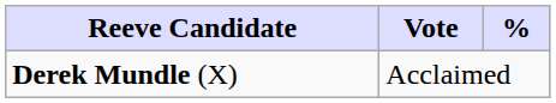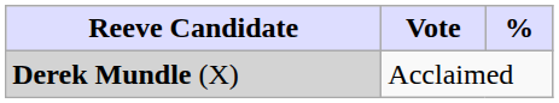 <table class="wikitable">
 <tr>
 <th style="background:#ddf; width:200px;">Reeve Candidate</th>
 <th style="background:#ddf; width:50px;">Vote</th>
 <th style="background:#ddf; width:30px;">%</th>
 </tr>
 <tr>
-<td><strong>Derek Mundle</strong> (X)</td>
+<td style="background: lightgrey;"><strong>Derek Mundle</strong> (X)</td>
 <td colspan="2">Acclaimed</td>
 </tr>
 </table>
